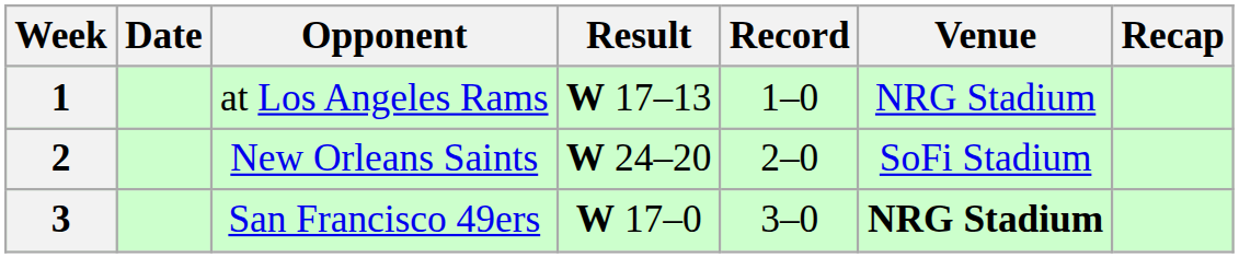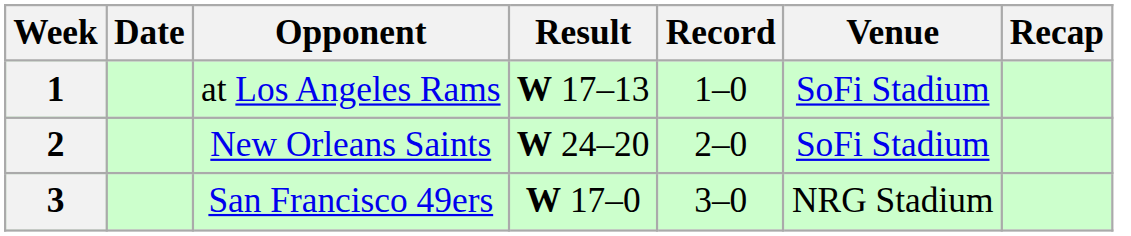 <table class="wikitable" style="text-align:center">
 <tr>
 <th>Week</th>
 <th>Date</th>
 <th>Opponent</th>
 <th>Result</th>
 <th>Record</th>
 <th>Venue</th>
 <th>Recap</th>
 </tr>
 <tr style="background:#cfc">
 <th>1</th>
 <td></td>
 <td>at <a href='#'>Los Angeles Rams</a></td>
 <td><strong>W</strong> 17–13</td>
 <td>1–0</td>
-<td><a href='#'>NRG Stadium</a></td>
+<td><a href='#'>SoFi Stadium</a></td>
 <td></td>
 </tr>
 <tr style="background:#cfc">
 <th>2</th>
 <td></td>
 <td><a href='#'>New Orleans Saints</a></td>
 <td><strong>W</strong> 24–20</td>
 <td>2–0</td>
 <td><a href='#'>SoFi Stadium</a></td>
 <td></td>
 </tr>
 <tr style="background:#cfc">
 <th>3</th>
 <td></td>
 <td><a href='#'>San Francisco 49ers</a></td>
 <td><strong>W</strong> 17–0</td>
 <td>3–0</td>
-<td><strong>NRG Stadium</strong></td>
+<td>NRG Stadium</td>
 <td></td>
 </tr>
 </table>
